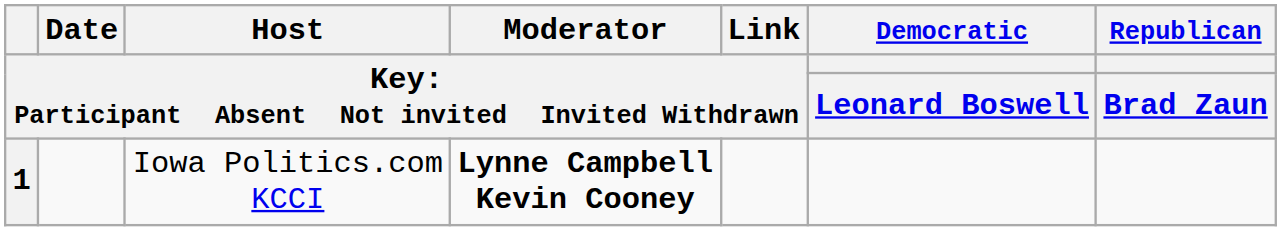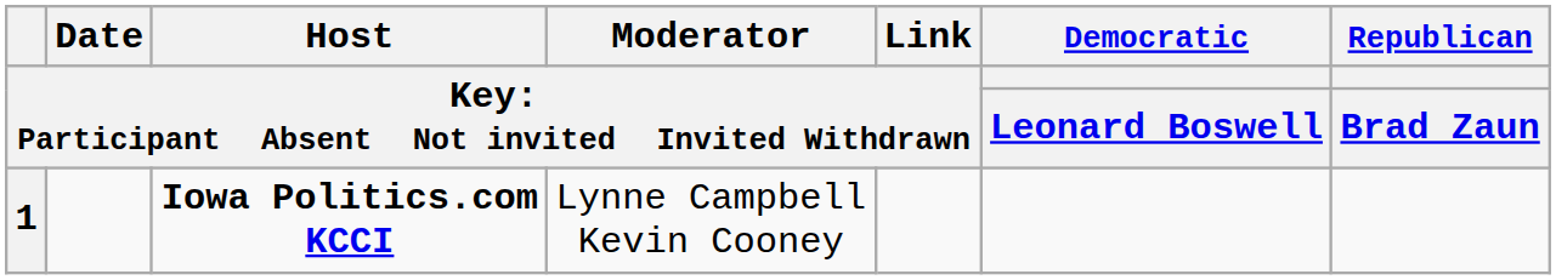 <table class="wikitable" style="text-align:center;">
 <tr>
 <th scope="col"></th>
 <th scope="col">Date</th>
 <th scope="col">Host</th>
 <th scope="col">Moderator</th>
 <th scope="col">Link</th>
 <th scope="col"><small><a href='#'>Democratic</a></small></th>
 <th scope="col"><small><a href='#'>Republican</a></small></th>
 </tr>
 <tr>
 <th colspan="5" rowspan="2">Key:<br> <small>Participant </small>  <small>Absent </small>  <small>Not invited </small>  <small>Invited  Withdrawn</small></th>
 <th scope="col" style="background:"></th>
 <th scope="col" style="background:"></th>
 </tr>
 <tr>
 <th scope="col"><a href='#'>Leonard Boswell</a></th>
 <th scope="col"><a href='#'>Brad Zaun</a></th>
 </tr>
 <tr>
 <th>1</th>
 <td style="white-space:nowrap;"></td>
-<td style="white-space:nowrap;">Iowa Politics.com<br><a href='#'>KCCI</a></td>
-<td style="white-space:nowrap;"><strong>Lynne Campbell<br>Kevin Cooney</strong></td>
+<td style="white-space:nowrap;"><strong>Iowa Politics.com<br><a href='#'>KCCI</a></strong></td>
+<td style="white-space:nowrap;">Lynne Campbell<br>Kevin Cooney</td>
 <td style="white-space:nowrap;"></td>
 <td></td>
 <td></td>
 </tr>
 </table>
